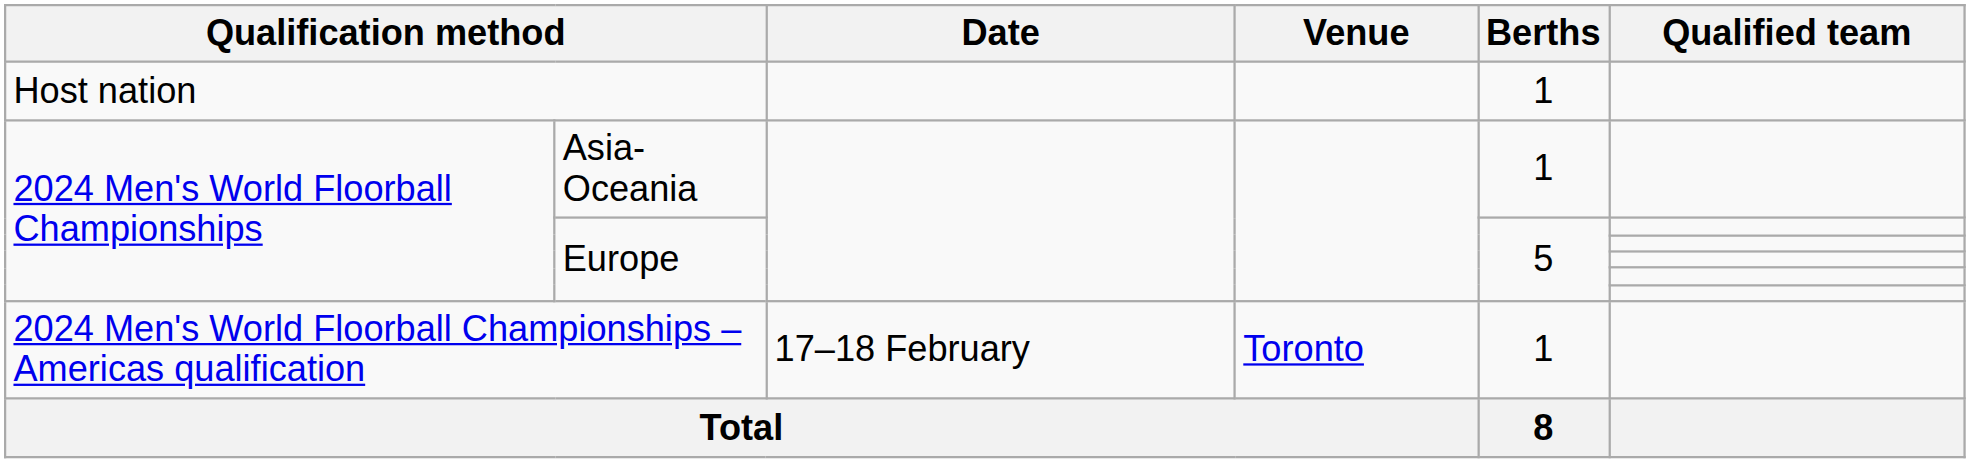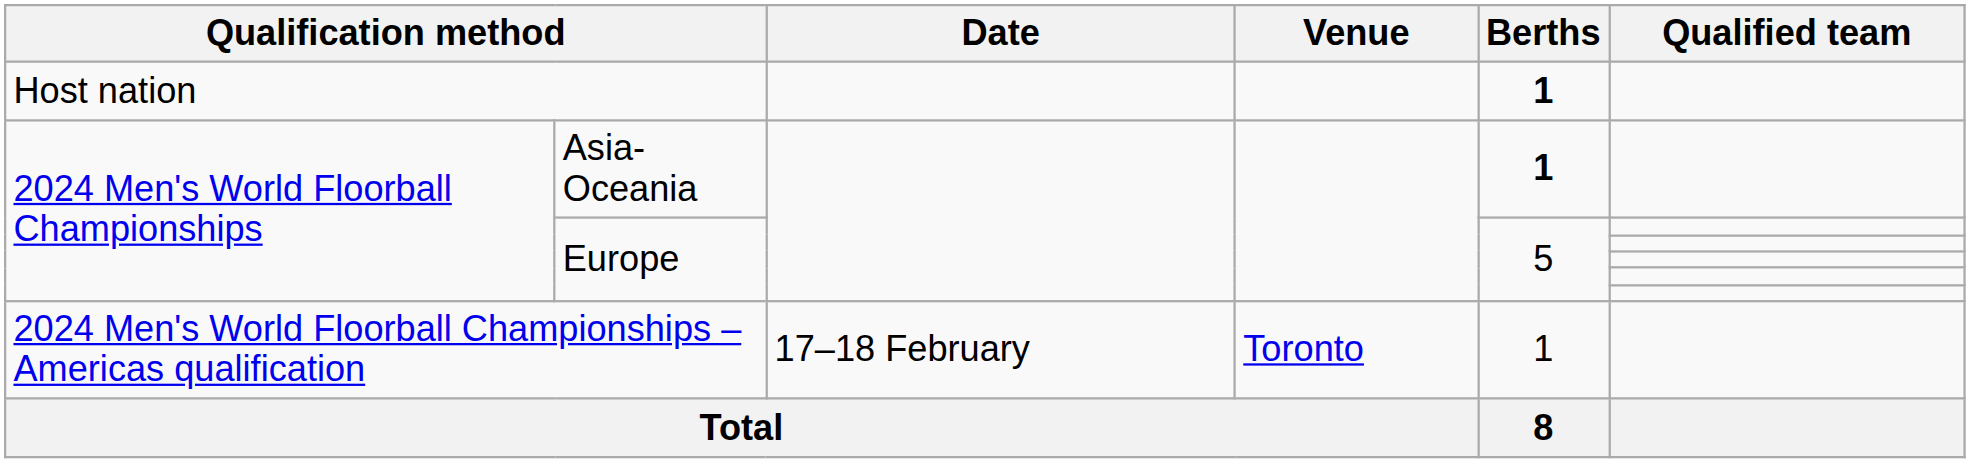 <table class="wikitable">
 <tr>
 <th colspan="2" width=150>Qualification method</th>
 <th width=200>Date</th>
 <th width=100>Venue</th>
 <th>Berths</th>
 <th width=150>Qualified team</th>
 </tr>
 <tr>
 <td colspan="2">Host nation</td>
 <td></td>
 <td></td>
-<td style="text-align:center;">1</td>
+<td style="text-align:center;"><strong>1</strong></td>
 <td></td>
 </tr>
 <tr>
 <td rowspan="6"><a href='#'>2024 Men's World Floorball Championships</a></td>
 <td>Asia-Oceania</td>
 <td rowspan="6"></td>
 <td rowspan="6"></td>
-<td style="text-align:center;">1</td>
+<td style="text-align:center;"><strong>1</strong></td>
 <td></td>
 </tr>
 <tr>
 <td rowspan="5">Europe</td>
 <td rowspan="5" style="text-align:center;">5</td>
 <td></td>
 </tr>
 <tr>
 <td></td>
 </tr>
 <tr>
 <td></td>
 </tr>
 <tr>
 <td></td>
 </tr>
 <tr>
 <td></td>
 </tr>
 <tr>
 <td colspan=2><a href='#'>2024 Men's World Floorball Championships – Americas qualification</a></td>
 <td>17–18 February</td>
 <td> <a href='#'>Toronto</a></td>
 <td style="text-align:center;">1</td>
 <td></td>
 </tr>
 <tr>
 <th colspan="4">Total</th>
 <th>8</th>
 <th></th>
 </tr>
 </table>
